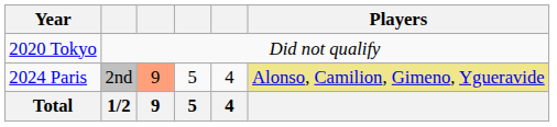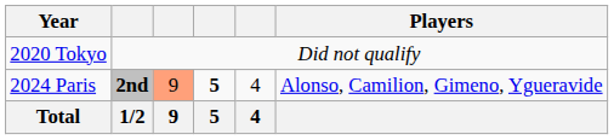 <table class="wikitable" style="text-align: center;">
 <tr>
 <th>Year</th>
 <th></th>
 <th width=25px></th>
 <th width=25px></th>
 <th width=25px></th>
 <th>Players</th>
 </tr>
 <tr>
 <td style="text-align: left;"> <a href='#'>2020 Tokyo</a></td>
 <td colspan=5><em>Did not qualify</em></td>
 </tr>
 <tr>
 <td style="text-align: left;"> <a href='#'>2024 Paris</a></td>
-<td bgcolor=silver>2nd</td>
+<td bgcolor=silver><strong>2nd</strong></td>
 <td style="background: lightsalmon;">9</td>
-<td>5</td>
+<td><strong>5</strong></td>
 <td>4</td>
-<td style="background: khaki;"><a href='#'>Alonso</a>, <a href='#'>Camilion</a>, <a href='#'>Gimeno</a>, <a href='#'>Ygueravide</a></td>
+<td><a href='#'>Alonso</a>, <a href='#'>Camilion</a>, <a href='#'>Gimeno</a>, <a href='#'>Ygueravide</a></td>
 </tr>
 <tr>
 <th>Total</th>
 <th>1/2</th>
 <th>9</th>
 <th>5</th>
 <th>4</th>
 <th></th>
 </tr>
 </table>
